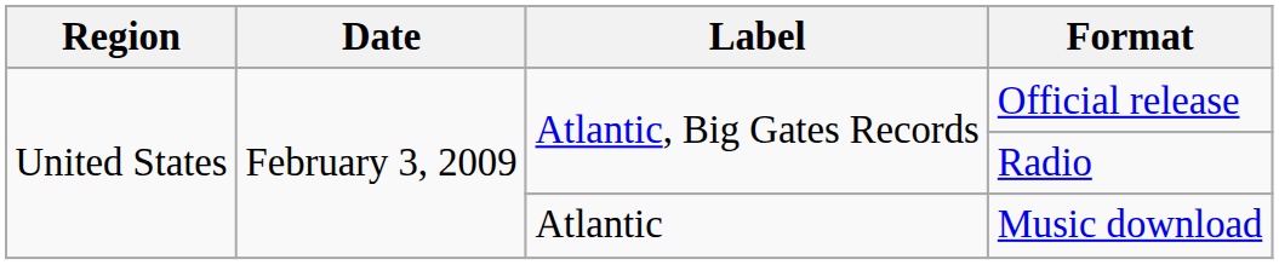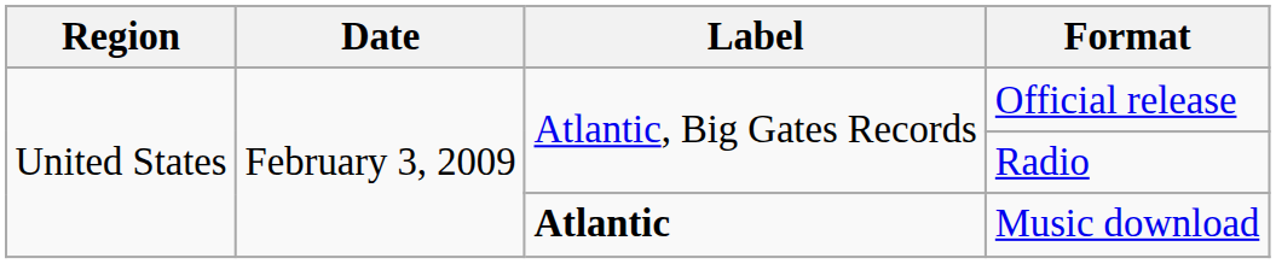 <table class=wikitable>
 <tr>
 <th>Region</th>
 <th>Date</th>
 <th>Label</th>
 <th>Format</th>
 </tr>
 <tr>
 <td rowspan="3">United States</td>
 <td rowspan="3">February 3, 2009</td>
 <td rowspan="2"><a href='#'>Atlantic</a>, Big Gates Records</td>
 <td><a href='#'>Official release</a></td>
 </tr>
 <tr>
 <td><a href='#'>Radio</a></td>
 </tr>
 <tr>
-<td>Atlantic</td>
+<td><strong>Atlantic</strong></td>
 <td><a href='#'>Music download</a></td>
 </tr>
 </table>
